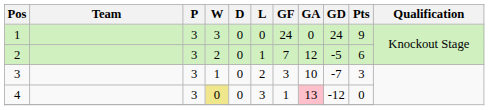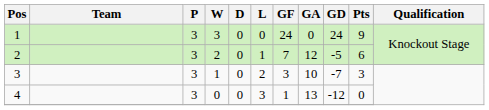 <table class="wikitable" border="1">
 <tr>
 <th width="25"><abbr>Pos</abbr></th>
 <th width="250">Team</th>
 <th width="25">P</th>
 <th width="25">W</th>
 <th width="25">D</th>
 <th width="25">L</th>
 <th width="25"><abbr>GF</abbr></th>
 <th width="25"><abbr>GA</abbr></th>
 <th width="25"><abbr>GD</abbr></th>
 <th width="25"><abbr>Pts</abbr></th>
 <th width="150">Qualification</th>
 </tr>
 <tr bgcolor= #D0F0C0>
 <td align="center">1</td>
 <td></td>
 <td align="center">3</td>
 <td align="center">3</td>
 <td align="center">0</td>
 <td align="center">0</td>
 <td align="center">24</td>
 <td align="center">0</td>
 <td align="center">24</td>
 <td align="center">9</td>
 <td align="center" rowspan=2>Knockout Stage</td>
 </tr>
 <tr bgcolor= #D0F0C0>
 <td align="center">2</td>
 <td></td>
 <td align="center">3</td>
 <td align="center">2</td>
 <td align="center">0</td>
 <td align="center">1</td>
 <td align="center">7</td>
 <td align="center">12</td>
 <td align="center">-5</td>
 <td align="center">6</td>
 </tr>
 <tr>
 <td align="center">3</td>
 <td></td>
 <td align="center">3</td>
 <td align="center">1</td>
 <td align="center">0</td>
 <td align="center">2</td>
 <td align="center">3</td>
 <td align="center">10</td>
 <td align="center">-7</td>
 <td align="center">3</td>
 </tr>
 <tr>
 <td align="center">4</td>
 <td></td>
 <td align="center">3</td>
-<td align="center" style="background: khaki;">0</td>
+<td align="center">0</td>
 <td align="center">0</td>
 <td align="center">3</td>
 <td align="center">1</td>
-<td align="center" style="background: pink;">13</td>
+<td align="center">13</td>
 <td align="center">-12</td>
 <td align="center">0</td>
 </tr>
 <tr>
 </tr>
 </table>
